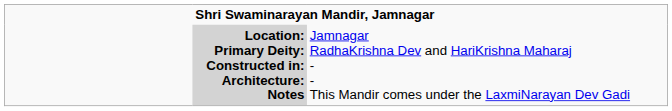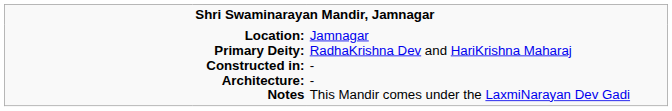 <table class="wikitable plain" border="0" width="800">
 <tr>
 <td width="220px" rowspan="2" style="border:none;"></td>
 <td valign="top" colspan=2 style="border:none;"><strong>Shri Swaminarayan Mandir, Jamnagar</strong></td>
 </tr>
 <tr>
-<td valign="top" style="background: lightgrey; text-align:right; border:none;"><strong>Location:</strong> <br><strong>Primary Deity:</strong><br><strong>Constructed in:</strong><br><strong>Architecture:</strong><br><strong>Notes</strong></td>
+<td valign="top" style="text-align:right; border:none;"><strong>Location:</strong> <br><strong>Primary Deity:</strong><br><strong>Constructed in:</strong><br><strong>Architecture:</strong><br><strong>Notes</strong></td>
 <td valign="top" style="border:none;"><a href='#'>Jamnagar</a> <br><a href='#'>RadhaKrishna Dev</a> and <a href='#'>HariKrishna Maharaj</a> <br>- <br>- <br>This Mandir comes under the <a href='#'>LaxmiNarayan Dev Gadi</a></td>
 </tr>
 </table>
